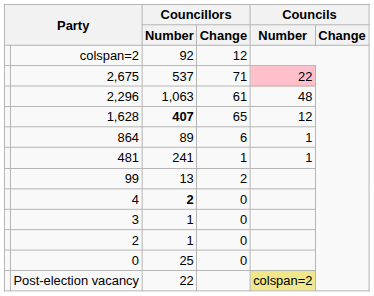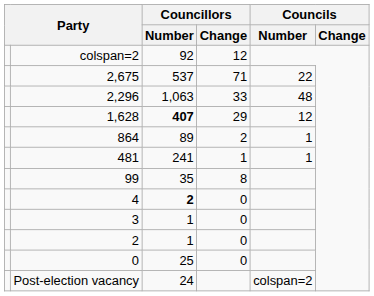 <table id="tblbyparty" class="wikitable" style="text-align:right; font-size:95%;">
 <tr>
 <th colspan="2" rowspan="2">Party</th>
 <th colspan="2">Councillors</th>
 <th colspan="2">Councils</th>
 </tr>
 <tr>
 <th scope="col">Number</th>
 <th scope="col">Change</th>
 <th scope="col">Number</th>
 <th scope="col">Change</th>
 </tr>
 <tr>
 <td></td>
 <td>colspan=2 </td>
 <td>92</td>
 <td> 12</td>
 </tr>
 <tr>
 <td></td>
 <td>2,675</td>
 <td> 537</td>
 <td>71</td>
-<td style="background: pink;"> 22</td>
+<td> 22</td>
 </tr>
 <tr>
 <td></td>
 <td>2,296</td>
 <td> 1,063</td>
-<td>61</td>
+<td>33</td>
 <td> 48</td>
 </tr>
 <tr>
 <td></td>
 <td>1,628</td>
 <td><strong> 407</strong></td>
-<td>65</td>
+<td>29</td>
 <td> 12</td>
 </tr>
 <tr>
 <td></td>
 <td>864</td>
 <td> 89</td>
-<td>6</td>
+<td>2</td>
 <td> 1</td>
 </tr>
 <tr>
 <td></td>
 <td>481</td>
 <td> 241</td>
 <td>1</td>
 <td> 1</td>
 </tr>
 <tr>
 <td></td>
 <td>99</td>
-<td> 13</td>
-<td>2</td>
+<td> 35</td>
+<td>8</td>
 <td></td>
 </tr>
 <tr>
 <td></td>
 <td>4</td>
 <td><strong> 2</strong></td>
 <td>0</td>
 <td></td>
 </tr>
 <tr>
 <td></td>
 <td>3</td>
 <td> 1</td>
 <td>0</td>
 <td></td>
 </tr>
 <tr>
 <td></td>
 <td>2</td>
 <td> 1</td>
 <td>0</td>
 <td></td>
 </tr>
 <tr>
 <td></td>
 <td>0</td>
 <td> 25</td>
 <td>0</td>
 <td></td>
 </tr>
 <tr>
 <td></td>
 <td scope="row" style="text-align: left;">Post-election vacancy</td>
-<td>22</td>
+<td>24</td>
 <td></td>
-<td style="background: khaki;">colspan=2 </td>
+<td>colspan=2 </td>
 </tr>
 </table>
